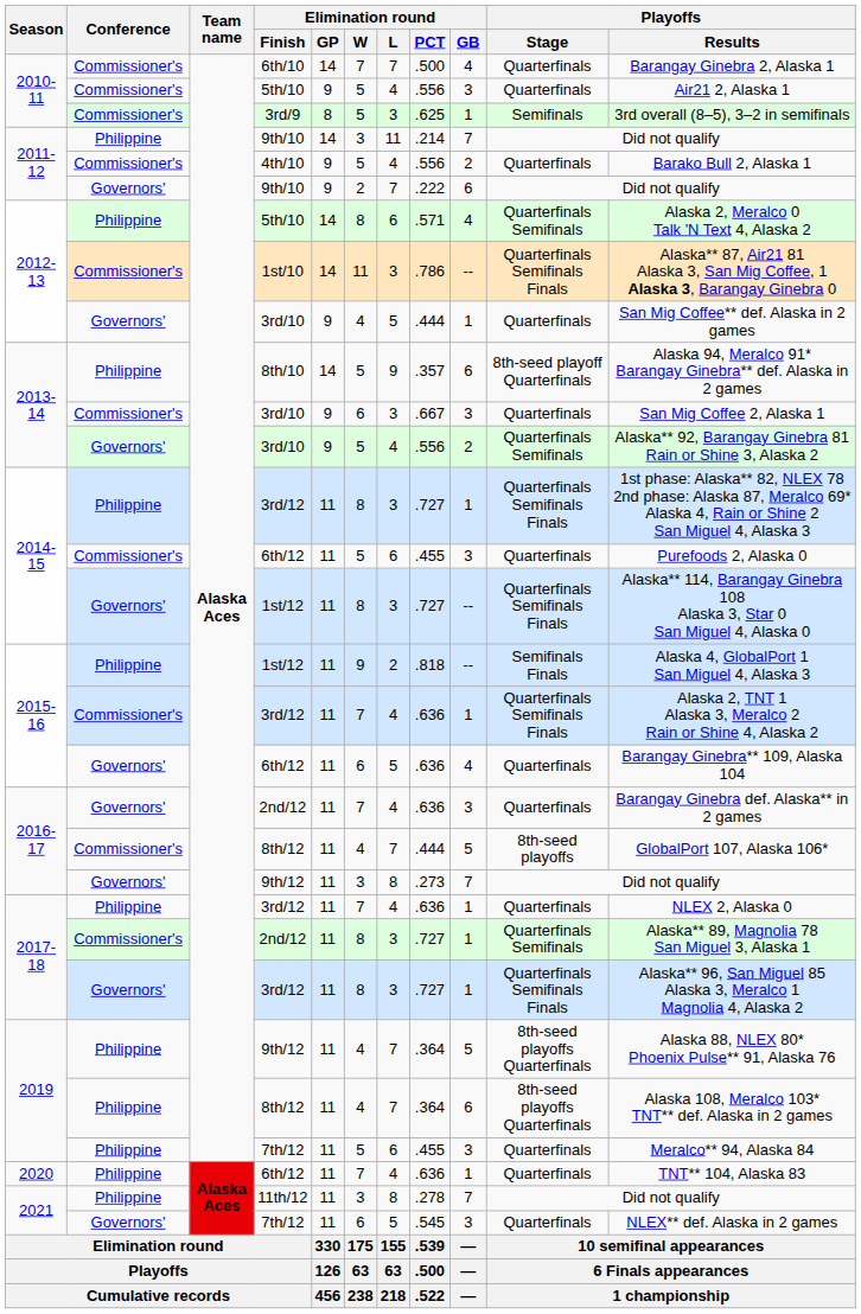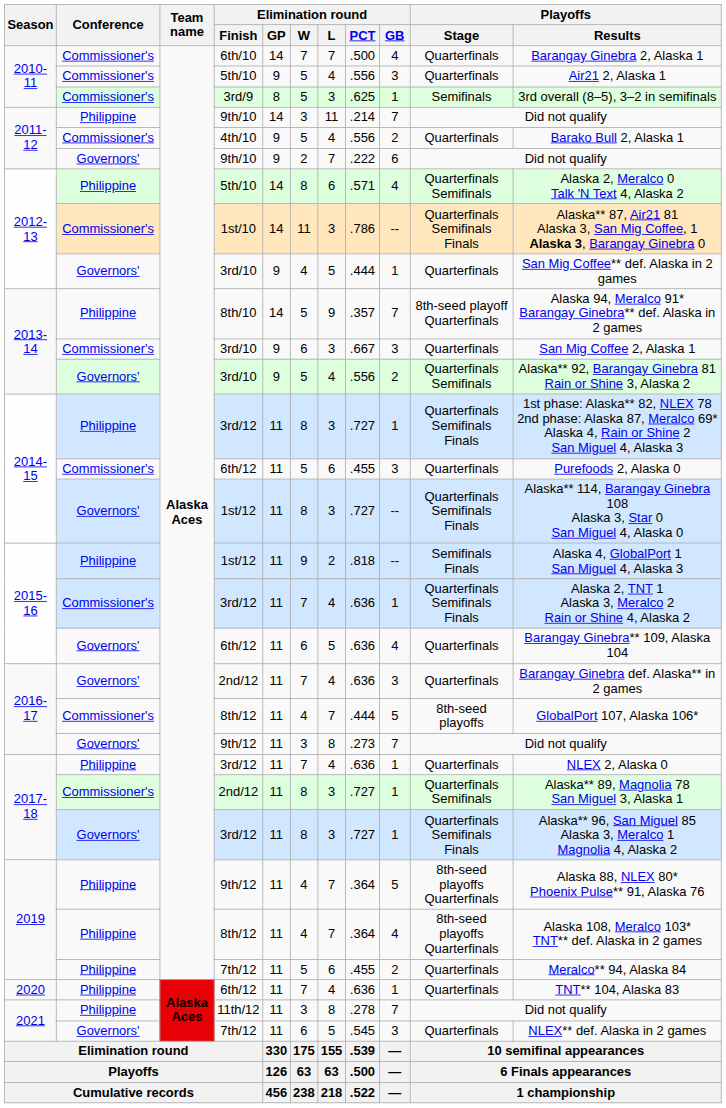 <table class=wikitable style="text-align:center;">
 <tr>
 <th width=50px rowspan=2>Season</th>
 <th width=120px rowspan=2>Conference</th>
 <th width=60px rowspan=2>Team name</th>
 <th colspan=6>Elimination round</th>
 <th colspan=2>Playoffs</th>
 </tr>
 <tr>
 <th width=50px>Finish</th>
 <th width=20px>GP</th>
 <th width=20px>W</th>
 <th width=20px>L</th>
 <th width=35px><a href='#'>PCT</a></th>
 <th width=30px><a href='#'>GB</a></th>
 <th width=120px>Stage</th>
 <th width=250px>Results</th>
 </tr>
 <tr>
 <td rowspan=3><a href='#'>2010-11</a></td>
 <td><a href='#'>Commissioner's</a></td>
 <td rowspan=27><strong>Alaska Aces</strong></td>
 <td>6th/10</td>
 <td>14</td>
 <td>7</td>
 <td>7</td>
 <td>.500</td>
 <td>4</td>
 <td>Quarterfinals</td>
 <td><a href='#'>Barangay Ginebra</a> 2, Alaska 1</td>
 </tr>
 <tr>
 <td><a href='#'>Commissioner's</a></td>
 <td>5th/10</td>
 <td>9</td>
 <td>5</td>
 <td>4</td>
 <td>.556</td>
 <td>3</td>
 <td>Quarterfinals</td>
 <td><a href='#'>Air21</a> 2, Alaska 1</td>
 </tr>
 <tr bgcolor=#DDFFDD>
 <td><a href='#'>Commissioner's</a></td>
 <td>3rd/9</td>
 <td>8</td>
 <td>5</td>
 <td>3</td>
 <td>.625</td>
 <td>1</td>
 <td>Semifinals</td>
 <td>3rd overall (8–5), 3–2 in semifinals</td>
 </tr>
 <tr>
 <td rowspan=3><a href='#'>2011-12</a></td>
 <td><a href='#'>Philippine</a></td>
 <td>9th/10</td>
 <td>14</td>
 <td>3</td>
 <td>11</td>
 <td>.214</td>
 <td>7</td>
 <td colspan=2>Did not qualify</td>
 </tr>
 <tr>
 <td><a href='#'>Commissioner's</a></td>
 <td>4th/10</td>
 <td>9</td>
 <td>5</td>
 <td>4</td>
 <td>.556</td>
 <td>2</td>
 <td>Quarterfinals</td>
 <td><a href='#'>Barako Bull</a> 2, Alaska 1</td>
 </tr>
 <tr>
 <td><a href='#'>Governors'</a></td>
 <td>9th/10</td>
 <td>9</td>
 <td>2</td>
 <td>7</td>
 <td>.222</td>
 <td>6</td>
 <td colspan=2>Did not qualify</td>
 </tr>
 <tr bgcolor=#DDFFDD>
 <td bgcolor=#fefefe rowspan=3><a href='#'>2012-13</a></td>
 <td><a href='#'>Philippine</a></td>
 <td>5th/10</td>
 <td>14</td>
 <td>8</td>
 <td>6</td>
 <td>.571</td>
 <td>4</td>
 <td>Quarterfinals<br>Semifinals</td>
 <td>Alaska 2, <a href='#'>Meralco</a> 0<br><a href='#'>Talk 'N Text</a> 4, Alaska 2</td>
 </tr>
 <tr bgcolor=#FFE6BD>
 <td><a href='#'>Commissioner's</a></td>
 <td>1st/10</td>
 <td>14</td>
 <td>11</td>
 <td>3</td>
 <td>.786</td>
 <td>--</td>
 <td>Quarterfinals<br>Semifinals<br>Finals</td>
 <td>Alaska** 87, <a href='#'>Air21</a> 81<br>Alaska 3, <a href='#'>San Mig Coffee</a>, 1<br><strong>Alaska 3</strong>, <a href='#'>Barangay Ginebra</a> 0</td>
 </tr>
 <tr>
 <td><a href='#'>Governors'</a></td>
 <td>3rd/10</td>
 <td>9</td>
 <td>4</td>
 <td>5</td>
 <td>.444</td>
 <td>1</td>
 <td>Quarterfinals</td>
 <td><a href='#'>San Mig Coffee</a>** def. Alaska in 2 games</td>
 </tr>
 <tr>
 <td rowspan=3><a href='#'>2013-14</a></td>
 <td><a href='#'>Philippine</a></td>
 <td>8th/10</td>
 <td>14</td>
 <td>5</td>
 <td>9</td>
 <td>.357</td>
-<td>6</td>
+<td>7</td>
 <td>8th-seed playoff<br>Quarterfinals</td>
 <td>Alaska 94, <a href='#'>Meralco</a> 91*<br><a href='#'>Barangay Ginebra</a>** def. Alaska in 2 games</td>
 </tr>
 <tr>
 <td><a href='#'>Commissioner's</a></td>
 <td>3rd/10</td>
 <td>9</td>
 <td>6</td>
 <td>3</td>
 <td>.667</td>
 <td>3</td>
 <td>Quarterfinals</td>
 <td><a href='#'>San Mig Coffee</a> 2, Alaska 1</td>
 </tr>
 <tr bgcolor=#DDFFDD>
 <td><a href='#'>Governors'</a></td>
 <td>3rd/10</td>
 <td>9</td>
 <td>5</td>
 <td>4</td>
 <td>.556</td>
 <td>2</td>
 <td>Quarterfinals<br>Semifinals</td>
 <td>Alaska** 92, <a href='#'>Barangay Ginebra</a> 81<br><a href='#'>Rain or Shine</a> 3, Alaska 2</td>
 </tr>
 <tr bgcolor=#D0E7FF>
 <td bgcolor=#fefefe rowspan=3><a href='#'>2014-15</a></td>
 <td><a href='#'>Philippine</a></td>
 <td>3rd/12</td>
 <td>11</td>
 <td>8</td>
 <td>3</td>
 <td>.727</td>
 <td>1</td>
 <td>Quarterfinals<br>Semifinals<br>Finals</td>
 <td>1st phase: Alaska** 82, <a href='#'>NLEX</a> 78<br>2nd phase: Alaska 87, <a href='#'>Meralco</a> 69*<br>Alaska 4, <a href='#'>Rain or Shine</a> 2<br><a href='#'>San Miguel</a> 4, Alaska 3</td>
 </tr>
 <tr>
 <td><a href='#'>Commissioner's</a></td>
 <td>6th/12</td>
 <td>11</td>
 <td>5</td>
 <td>6</td>
 <td>.455</td>
 <td>3</td>
 <td>Quarterfinals</td>
 <td><a href='#'>Purefoods</a> 2, Alaska 0</td>
 </tr>
 <tr bgcolor=#D0E7FF>
 <td><a href='#'>Governors'</a></td>
 <td>1st/12</td>
 <td>11</td>
 <td>8</td>
 <td>3</td>
 <td>.727</td>
 <td>--</td>
 <td>Quarterfinals<br>Semifinals<br>Finals</td>
 <td>Alaska** 114, <a href='#'>Barangay Ginebra</a> 108<br>Alaska 3, <a href='#'>Star</a> 0<br><a href='#'>San Miguel</a> 4, Alaska 0</td>
 </tr>
 <tr bgcolor=#D0E7FF>
 <td bgcolor=#fefefe rowspan=3><a href='#'>2015-16</a></td>
 <td><a href='#'>Philippine</a></td>
 <td>1st/12</td>
 <td>11</td>
 <td>9</td>
 <td>2</td>
 <td>.818</td>
 <td>--</td>
 <td>Semifinals<br>Finals</td>
 <td>Alaska 4, <a href='#'>GlobalPort</a> 1<br><a href='#'>San Miguel</a> 4, Alaska 3</td>
 </tr>
 <tr bgcolor=#D0E7FF>
 <td><a href='#'>Commissioner's</a></td>
 <td>3rd/12</td>
 <td>11</td>
 <td>7</td>
 <td>4</td>
 <td>.636</td>
 <td>1</td>
 <td>Quarterfinals<br>Semifinals<br>Finals</td>
 <td>Alaska 2, <a href='#'>TNT</a> 1<br>Alaska 3, <a href='#'>Meralco</a> 2<br><a href='#'>Rain or Shine</a> 4, Alaska 2</td>
 </tr>
 <tr>
 <td><a href='#'>Governors'</a></td>
 <td>6th/12</td>
 <td>11</td>
 <td>6</td>
 <td>5</td>
 <td>.636</td>
 <td>4</td>
 <td>Quarterfinals</td>
 <td><a href='#'>Barangay Ginebra</a>** 109, Alaska 104</td>
 </tr>
 <tr>
 <td rowspan=3><a href='#'>2016-17</a></td>
 <td><a href='#'>Governors'</a></td>
 <td>2nd/12</td>
 <td>11</td>
 <td>7</td>
 <td>4</td>
 <td>.636</td>
 <td>3</td>
 <td>Quarterfinals</td>
 <td><a href='#'>Barangay Ginebra</a> def. Alaska** in 2 games</td>
 </tr>
 <tr>
 <td><a href='#'>Commissioner's</a></td>
 <td>8th/12</td>
 <td>11</td>
 <td>4</td>
 <td>7</td>
 <td>.444</td>
 <td>5</td>
 <td>8th-seed playoffs</td>
 <td><a href='#'>GlobalPort</a> 107, Alaska 106*</td>
 </tr>
 <tr>
 <td><a href='#'>Governors'</a></td>
 <td>9th/12</td>
 <td>11</td>
 <td>3</td>
 <td>8</td>
 <td>.273</td>
 <td>7</td>
 <td colspan=2>Did not qualify</td>
 </tr>
 <tr>
 <td rowspan=3><a href='#'>2017-18</a></td>
 <td><a href='#'>Philippine</a></td>
 <td>3rd/12</td>
 <td>11</td>
 <td>7</td>
 <td>4</td>
 <td>.636</td>
 <td>1</td>
 <td>Quarterfinals</td>
 <td><a href='#'>NLEX</a> 2, Alaska 0</td>
 </tr>
 <tr bgcolor=#DDFFDD>
 <td><a href='#'>Commissioner's</a></td>
 <td>2nd/12</td>
 <td>11</td>
 <td>8</td>
 <td>3</td>
 <td>.727</td>
 <td>1</td>
 <td>Quarterfinals<br>Semifinals</td>
 <td>Alaska** 89, <a href='#'>Magnolia</a> 78<br><a href='#'>San Miguel</a> 3, Alaska 1</td>
 </tr>
 <tr bgcolor=#D0E7FF>
 <td><a href='#'>Governors'</a></td>
 <td>3rd/12</td>
 <td>11</td>
 <td>8</td>
 <td>3</td>
 <td>.727</td>
 <td>1</td>
 <td>Quarterfinals<br>Semifinals<br>Finals</td>
 <td>Alaska** 96, <a href='#'>San Miguel</a> 85<br>Alaska 3, <a href='#'>Meralco</a> 1<br><a href='#'>Magnolia</a> 4, Alaska 2</td>
 </tr>
 <tr>
 <td rowspan=3><a href='#'>2019</a></td>
 <td><a href='#'>Philippine</a></td>
 <td>9th/12</td>
 <td>11</td>
 <td>4</td>
 <td>7</td>
 <td>.364</td>
 <td>5</td>
 <td>8th-seed playoffs<br>Quarterfinals</td>
 <td>Alaska 88, <a href='#'>NLEX</a> 80*<br><a href='#'>Phoenix Pulse</a>** 91, Alaska 76</td>
 </tr>
 <tr>
 <td><a href='#'>Philippine</a></td>
 <td>8th/12</td>
 <td>11</td>
 <td>4</td>
 <td>7</td>
 <td>.364</td>
-<td>6</td>
+<td>4</td>
 <td>8th-seed playoffs<br>Quarterfinals</td>
 <td>Alaska 108, <a href='#'>Meralco</a> 103*<br> <a href='#'>TNT</a>** def. Alaska in 2 games</td>
 </tr>
 <tr>
 <td><a href='#'>Philippine</a></td>
 <td>7th/12</td>
 <td>11</td>
 <td>5</td>
 <td>6</td>
 <td>.455</td>
-<td>3</td>
+<td>2</td>
 <td>Quarterfinals</td>
 <td><a href='#'>Meralco</a>** 94, Alaska 84</td>
 </tr>
 <tr>
 <td><a href='#'>2020</a></td>
 <td><a href='#'>Philippine</a></td>
 <td rowspan=3 style="background:#E80006; color:#000000; "><span><strong>Alaska Aces</strong></span></td>
 <td>6th/12</td>
 <td>11</td>
 <td>7</td>
 <td>4</td>
 <td>.636</td>
 <td>1</td>
 <td>Quarterfinals</td>
 <td><a href='#'>TNT</a>** 104, Alaska 83</td>
 </tr>
 <tr>
 <td rowspan=2><a href='#'>2021</a></td>
 <td><a href='#'>Philippine</a></td>
 <td>11th/12</td>
 <td>11</td>
 <td>3</td>
 <td>8</td>
 <td>.278</td>
 <td>7</td>
 <td colspan=2>Did not qualify</td>
 </tr>
 <tr>
 <td><a href='#'>Governors'</a></td>
 <td>7th/12</td>
 <td>11</td>
 <td>6</td>
 <td>5</td>
 <td>.545</td>
 <td>3</td>
 <td>Quarterfinals</td>
 <td><a href='#'>NLEX</a>** def. Alaska in 2 games</td>
 </tr>
 <tr>
 <th colspan="4">Elimination round</th>
 <th>330</th>
 <th>175</th>
 <th>155</th>
 <th>.539</th>
 <th>—</th>
 <th colspan="2">10 semifinal appearances</th>
 </tr>
 <tr>
 <th colspan=4>Playoffs</th>
 <th>126</th>
 <th>63</th>
 <th>63</th>
 <th>.500</th>
 <th>—</th>
 <th colspan=2>6 Finals appearances</th>
 </tr>
 <tr>
 <th colspan=4>Cumulative records</th>
 <th>456</th>
 <th>238</th>
 <th>218</th>
 <th>.522</th>
 <th>—</th>
 <th colspan=2>1 championship</th>
 </tr>
 </table>
